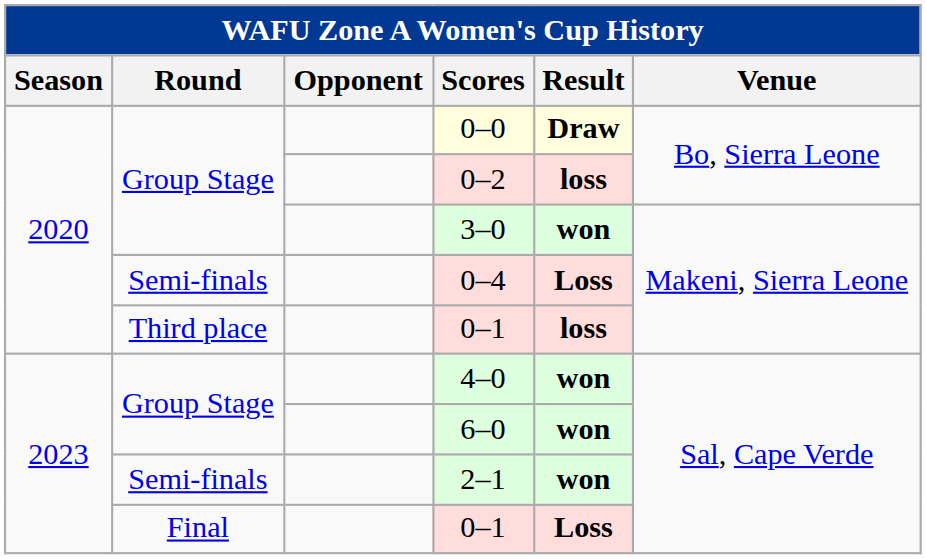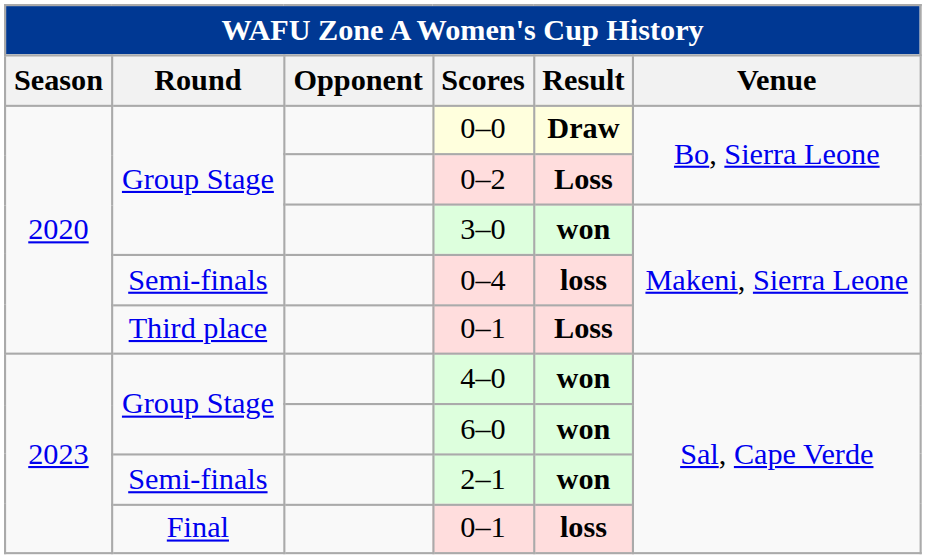 <table class="wikitable collapsible collapsed" style="text-align:center; font-size:90%; width:70%;">
 <tr>
 <th colspan="6" style="background: #003893; color: #FFFFFF;">WAFU Zone A Women's Cup History</th>
 </tr>
 <tr>
 <th>Season</th>
 <th>Round</th>
 <th>Opponent</th>
 <th>Scores</th>
 <th>Result</th>
 <th>Venue</th>
 </tr>
 <tr>
 <td rowspan=5> <a href='#'>2020</a></td>
 <td rowspan=3><a href='#'>Group Stage</a></td>
 <td style="text-align:left"></td>
 <td style="background:#ffd;">0–0</td>
 <td style="background:#ffd;"><strong>Draw</strong></td>
 <td rowspan=2> <a href='#'>Bo</a>, <a href='#'>Sierra Leone</a></td>
 </tr>
 <tr>
 <td style="text-align:left"></td>
 <td style="background:#fdd;">0–2</td>
-<td style="background:#fdd;"><strong>loss</strong></td>
+<td style="background:#fdd;"><strong>Loss</strong></td>
 </tr>
 <tr>
 <td style="text-align:left"></td>
 <td style="background:#dfd;">3–0</td>
 <td style="background:#dfd;"><strong>won</strong></td>
 <td rowspan=3> <a href='#'>Makeni</a>, <a href='#'>Sierra Leone</a></td>
 </tr>
 <tr>
 <td><a href='#'>Semi-finals</a></td>
 <td style="text-align:left"></td>
 <td style="background:#fdd;">0–4</td>
-<td style="background:#fdd;"><strong>Loss</strong></td>
+<td style="background:#fdd;"><strong>loss</strong></td>
 </tr>
 <tr>
 <td><a href='#'>Third place</a></td>
 <td style="text-align:left"></td>
 <td style="background:#fdd;">0–1</td>
-<td style="background:#fdd;"><strong>loss</strong></td>
+<td style="background:#fdd;"><strong>Loss</strong></td>
 </tr>
 <tr>
 <td rowspan=4> <a href='#'>2023</a></td>
 <td rowspan=2><a href='#'>Group Stage</a></td>
 <td style="text-align:left"></td>
 <td style="background:#dfd;">4–0</td>
 <td style="background:#dfd;"><strong>won</strong></td>
 <td rowspan=4> <a href='#'>Sal</a>, <a href='#'>Cape Verde</a></td>
 </tr>
 <tr>
 <td style="text-align:left"></td>
 <td style="background:#dfd;">6–0</td>
 <td style="background:#dfd;"><strong>won</strong></td>
 </tr>
 <tr>
 <td><a href='#'>Semi-finals</a></td>
 <td style="text-align:left"></td>
 <td style="background:#dfd;">2–1</td>
 <td style="background:#dfd;"><strong>won</strong></td>
 </tr>
 <tr>
 <td><a href='#'>Final</a></td>
 <td style="text-align:left"></td>
 <td style="background:#fdd;">0–1</td>
-<td style="background:#fdd;"><strong>Loss</strong></td>
+<td style="background:#fdd;"><strong>loss</strong></td>
 </tr>
 </table>
